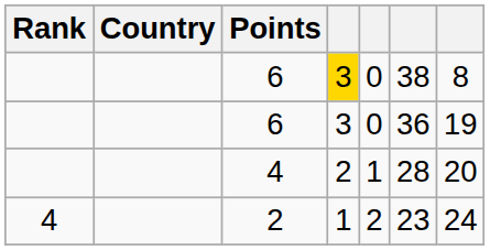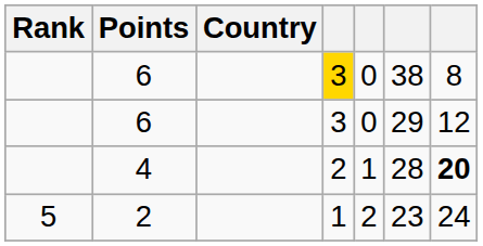 <table class="wikitable sortable" style="text-align: center;">
 <tr>
 <th>Rank</th>
+<th>Points</th>
 <th>Country</th>
-<th>Points</th>
 <th></th>
 <th></th>
 <th></th>
 <th></th>
 </tr>
 <tr>
 <td></td>
+<td>6</td>
 <td align=left></td>
-<td>6</td>
 <td style="background: gold;">3</td>
 <td>0</td>
 <td>38</td>
 <td>8</td>
 </tr>
 <tr>
 <td></td>
+<td>6</td>
 <td align=left></td>
-<td>6</td>
 <td>3</td>
 <td>0</td>
-<td>36</td>
-<td>19</td>
+<td>29</td>
+<td>12</td>
 </tr>
 <tr>
 <td></td>
+<td>4</td>
 <td align=left></td>
-<td>4</td>
 <td>2</td>
 <td>1</td>
 <td>28</td>
-<td>20</td>
+<td><strong>20</strong></td>
 </tr>
 <tr>
-<td>4</td>
+<td>5</td>
+<td>2</td>
 <td align=left></td>
-<td>2</td>
 <td>1</td>
 <td>2</td>
 <td>23</td>
 <td>24</td>
 </tr>
 </table>
